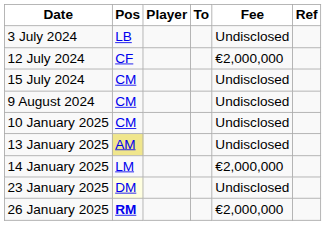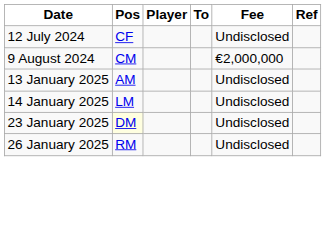 <table class="wikitable plainrowheaders sortable">
 <tr>
 <th style="background:white; color:black; ">Date</th>
 <th style="background:white; color:black; ">Pos</th>
 <th style="background:white; color:black; ">Player</th>
 <th style="background:white; color:black; ">To</th>
 <th style="background:white; color:black; ">Fee</th>
 <th style="background:white; color:black; ">Ref</th>
 </tr>
 <tr>
-<td>3 July 2024</td>
-<td><a href='#'>LB</a></td>
-<td></td>
-<td></td>
-<td>Undisclosed</td>
-<td></td>
-</tr>
-<tr>
 <td>12 July 2024</td>
 <td><a href='#'>CF</a></td>
-<td></td>
-<td></td>
-<td>€2,000,000</td>
-<td></td>
-</tr>
-<tr>
-<td>15 July 2024</td>
-<td><a href='#'>CM</a></td>
 <td></td>
 <td></td>
 <td>Undisclosed</td>
 <td></td>
 </tr>
 <tr>
 <td>9 August 2024</td>
 <td><a href='#'>CM</a></td>
 <td></td>
 <td></td>
-<td>Undisclosed</td>
-<td></td>
-</tr>
-<tr>
-<td>10 January 2025</td>
-<td><a href='#'>CM</a></td>
-<td></td>
-<td></td>
-<td>Undisclosed</td>
+<td>€2,000,000</td>
 <td></td>
 </tr>
 <tr>
 <td>13 January 2025</td>
-<td style="background: khaki;"><a href='#'>AM</a></td>
+<td><a href='#'>AM</a></td>
 <td></td>
 <td></td>
 <td>Undisclosed</td>
 <td></td>
 </tr>
 <tr>
 <td>14 January 2025</td>
 <td><a href='#'>LM</a></td>
 <td></td>
 <td></td>
-<td>€2,000,000</td>
+<td>Undisclosed</td>
 <td></td>
 </tr>
 <tr>
 <td>23 January 2025</td>
 <td style="background: lightyellow;"><a href='#'>DM</a></td>
 <td></td>
 <td></td>
 <td>Undisclosed</td>
 <td></td>
 </tr>
 <tr>
 <td>26 January 2025</td>
-<td><strong><a href='#'>RM</a></strong></td>
+<td><a href='#'>RM</a></td>
 <td></td>
 <td></td>
-<td>€2,000,000</td>
+<td>Undisclosed</td>
 <td></td>
 </tr>
 </table>
